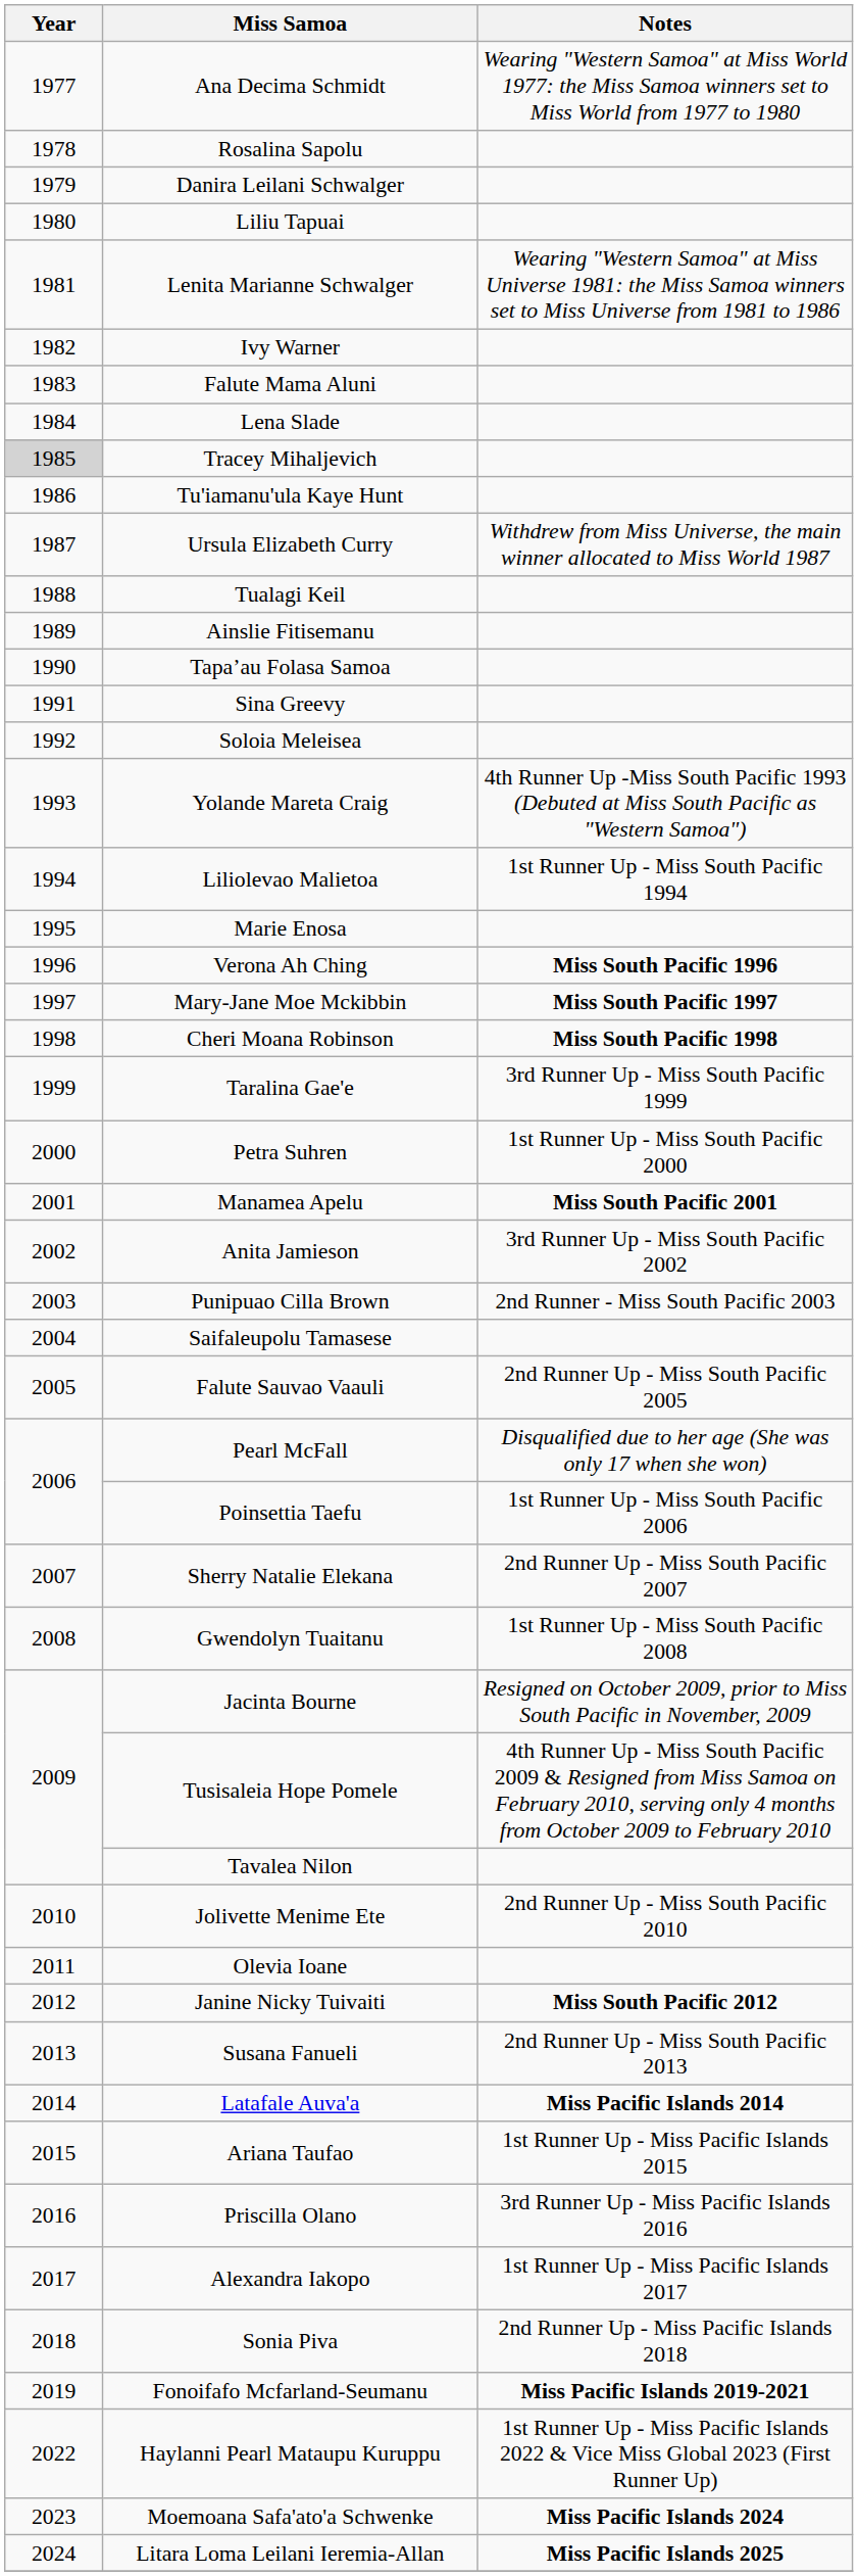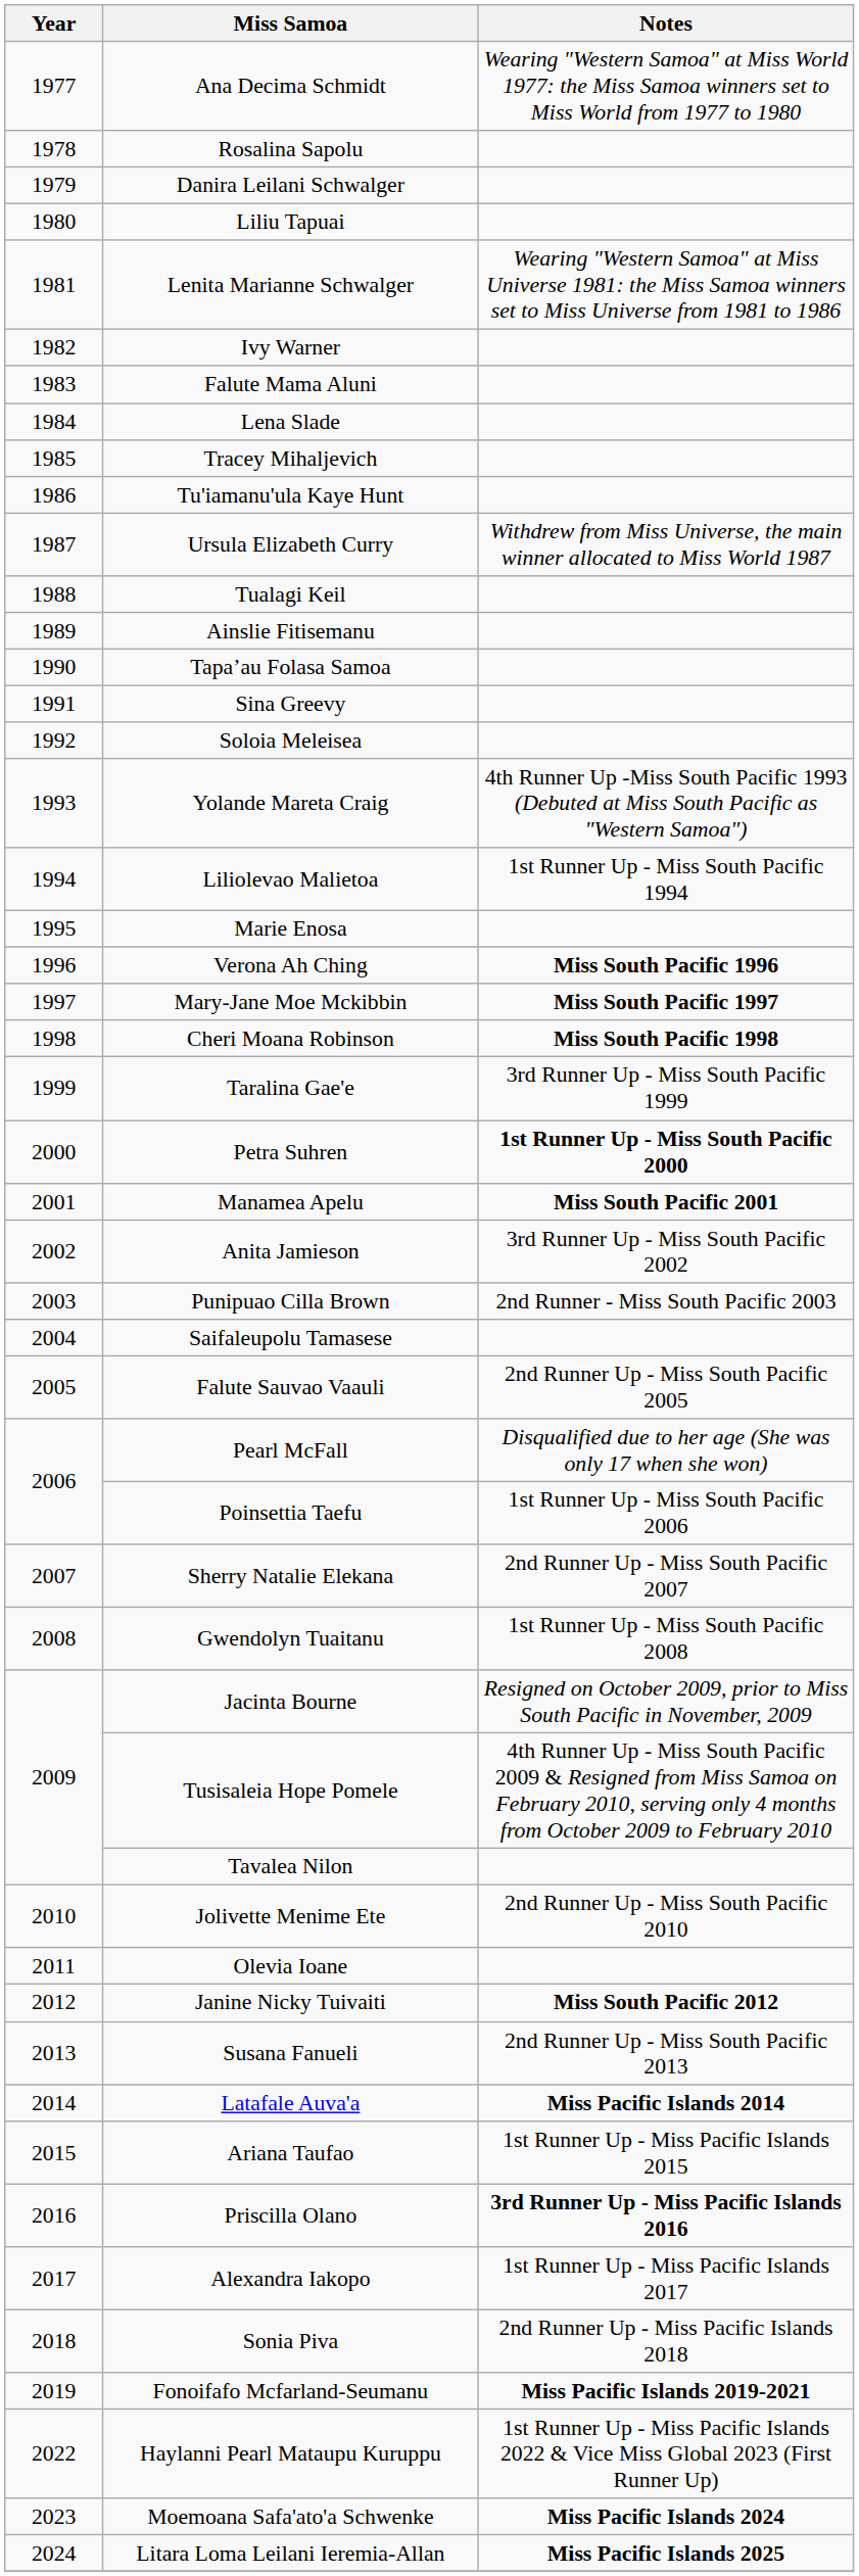 <table class="wikitable sortable" style="font-size: 95%; text-align:center">
 <tr>
 <th width="60">Year</th>
 <th width="250">Miss Samoa</th>
 <th width="250">Notes</th>
 </tr>
 <tr>
 <td>1977</td>
 <td>Ana Decima Schmidt</td>
 <td><em>Wearing "Western Samoa" at Miss World 1977: the Miss Samoa winners set to Miss World from 1977 to 1980</em></td>
 </tr>
 <tr>
 <td>1978</td>
 <td>Rosalina Sapolu</td>
 <td></td>
 </tr>
 <tr>
 <td>1979</td>
 <td>Danira Leilani Schwalger</td>
 <td></td>
 </tr>
 <tr>
 <td>1980</td>
 <td>Liliu Tapuai</td>
 <td></td>
 </tr>
 <tr>
 <td>1981</td>
 <td>Lenita Marianne Schwalger</td>
 <td><em>Wearing "Western Samoa" at Miss Universe 1981: the Miss Samoa winners set to Miss Universe from 1981 to 1986</em></td>
 </tr>
 <tr>
 <td>1982</td>
 <td>Ivy Warner</td>
 <td></td>
 </tr>
 <tr>
 <td>1983</td>
 <td>Falute Mama Aluni</td>
 <td></td>
 </tr>
 <tr>
 <td>1984</td>
 <td>Lena Slade</td>
 <td></td>
 </tr>
 <tr>
-<td style="background: lightgrey;">1985</td>
+<td>1985</td>
 <td>Tracey Mihaljevich</td>
 <td></td>
 </tr>
 <tr>
 <td>1986</td>
 <td>Tu'iamanu'ula Kaye Hunt</td>
 <td></td>
 </tr>
 <tr>
 <td>1987</td>
 <td>Ursula Elizabeth Curry</td>
 <td><em>Withdrew from Miss Universe, the main winner allocated to Miss World 1987</em></td>
 </tr>
 <tr>
 <td>1988</td>
 <td>Tualagi Keil</td>
 <td></td>
 </tr>
 <tr>
 <td>1989</td>
 <td>Ainslie Fitisemanu</td>
 <td></td>
 </tr>
 <tr>
 <td>1990</td>
 <td>Tapa’au Folasa Samoa</td>
 <td></td>
 </tr>
 <tr>
 <td>1991</td>
 <td>Sina Greevy</td>
 <td></td>
 </tr>
 <tr>
 <td>1992</td>
 <td>Soloia Meleisea</td>
 <td></td>
 </tr>
 <tr>
 <td>1993</td>
 <td>Yolande Mareta Craig</td>
 <td>4th Runner Up -Miss South Pacific 1993 <em>(Debuted at Miss South Pacific as "Western Samoa")</em></td>
 </tr>
 <tr>
 <td>1994</td>
 <td>Liliolevao Malietoa</td>
 <td>1st Runner Up - Miss South Pacific 1994</td>
 </tr>
 <tr>
 <td>1995</td>
 <td>Marie Enosa</td>
 <td></td>
 </tr>
 <tr>
 <td>1996</td>
 <td>Verona Ah Ching</td>
 <td><strong>Miss South Pacific 1996</strong></td>
 </tr>
 <tr>
 <td>1997</td>
 <td>Mary-Jane Moe Mckibbin</td>
 <td><strong>Miss South Pacific 1997</strong></td>
 </tr>
 <tr>
 <td>1998</td>
 <td>Cheri Moana Robinson</td>
 <td><strong>Miss South Pacific 1998</strong></td>
 </tr>
 <tr>
 <td>1999</td>
 <td>Taralina Gae'e</td>
 <td>3rd Runner Up - Miss South Pacific 1999</td>
 </tr>
 <tr>
 <td>2000</td>
 <td>Petra Suhren</td>
-<td>1st Runner Up - Miss South Pacific 2000</td>
+<td><strong>1st Runner Up - Miss South Pacific 2000</strong></td>
 </tr>
 <tr>
 <td>2001</td>
 <td>Manamea Apelu</td>
 <td><strong>Miss South Pacific 2001</strong></td>
 </tr>
 <tr>
 <td>2002</td>
 <td>Anita Jamieson</td>
 <td>3rd Runner Up - Miss South Pacific 2002</td>
 </tr>
 <tr>
 <td>2003</td>
 <td>Punipuao Cilla Brown</td>
 <td>2nd Runner - Miss South Pacific 2003</td>
 </tr>
 <tr>
 <td>2004</td>
 <td>Saifaleupolu Tamasese</td>
 <td></td>
 </tr>
 <tr>
 <td>2005</td>
 <td>Falute Sauvao Vaauli</td>
 <td>2nd Runner Up - Miss South Pacific 2005</td>
 </tr>
 <tr>
 <td rowspan=2>2006</td>
 <td>Pearl McFall</td>
 <td><em>Disqualified due to her age (She was only 17 when she won)</em></td>
 </tr>
 <tr>
 <td>Poinsettia Taefu</td>
 <td>1st Runner Up - Miss South Pacific 2006</td>
 </tr>
 <tr>
 <td>2007</td>
 <td>Sherry Natalie Elekana</td>
 <td>2nd Runner Up - Miss South Pacific 2007</td>
 </tr>
 <tr>
 <td>2008</td>
 <td>Gwendolyn Tuaitanu</td>
 <td>1st Runner Up - Miss South Pacific 2008</td>
 </tr>
 <tr>
 <td rowspan="3">2009</td>
 <td>Jacinta Bourne</td>
 <td><em>Resigned on October 2009, prior to Miss South Pacific in November, 2009</em></td>
 </tr>
 <tr>
 <td>Tusisaleia Hope Pomele</td>
 <td>4th Runner Up - Miss South Pacific 2009 & <em>Resigned from Miss Samoa on February 2010, serving only 4 months from October 2009 to February 2010</em></td>
 </tr>
 <tr>
 <td>Tavalea Nilon</td>
 <td></td>
 </tr>
 <tr>
 <td>2010</td>
 <td>Jolivette Menime Ete</td>
 <td>2nd Runner Up - Miss South Pacific 2010</td>
 </tr>
 <tr>
 <td>2011</td>
 <td>Olevia Ioane</td>
 <td></td>
 </tr>
 <tr>
 <td>2012</td>
 <td>Janine Nicky Tuivaiti</td>
 <td><strong>Miss South Pacific 2012</strong></td>
 </tr>
 <tr 2012-2013>
 <td>2013</td>
 <td>Susana Fanueli</td>
 <td>2nd Runner Up - Miss South Pacific 2013</td>
 </tr>
 <tr>
 <td>2014</td>
 <td><a href='#'>Latafale Auva'a</a></td>
 <td><strong>Miss Pacific Islands 2014</strong></td>
 </tr>
 <tr 2014-2015>
 <td>2015</td>
 <td>Ariana Taufao</td>
 <td>1st Runner Up - Miss Pacific Islands 2015</td>
 </tr>
 <tr>
 <td>2016</td>
 <td>Priscilla Olano</td>
-<td>3rd Runner Up - Miss Pacific Islands 2016</td>
+<td><strong>3rd Runner Up - Miss Pacific Islands 2016</strong></td>
 </tr>
 <tr>
 <td>2017</td>
 <td>Alexandra Iakopo</td>
 <td>1st Runner Up - Miss Pacific Islands 2017</td>
 </tr>
 <tr>
 <td>2018</td>
 <td>Sonia Piva</td>
 <td>2nd Runner Up - Miss Pacific Islands 2018</td>
 </tr>
 <tr>
 <td>2019</td>
 <td>Fonoifafo Mcfarland-Seumanu</td>
 <td><strong>Miss Pacific Islands 2019-2021</strong></td>
 </tr>
 <tr>
 <td>2022</td>
 <td>Haylanni Pearl Mataupu Kuruppu</td>
 <td>1st Runner Up - Miss Pacific Islands 2022 & Vice Miss Global 2023 (First Runner Up)</td>
 </tr>
 <tr>
 <td>2023</td>
 <td>Moemoana Safa'ato'a Schwenke</td>
 <td><strong>Miss Pacific Islands 2024</strong></td>
 </tr>
 <tr>
 <td>2024</td>
 <td>Litara Loma Leilani Ieremia-Allan</td>
 <td><strong>Miss Pacific Islands 2025</strong></td>
 </tr>
 <tr>
 </tr>
 </table>
